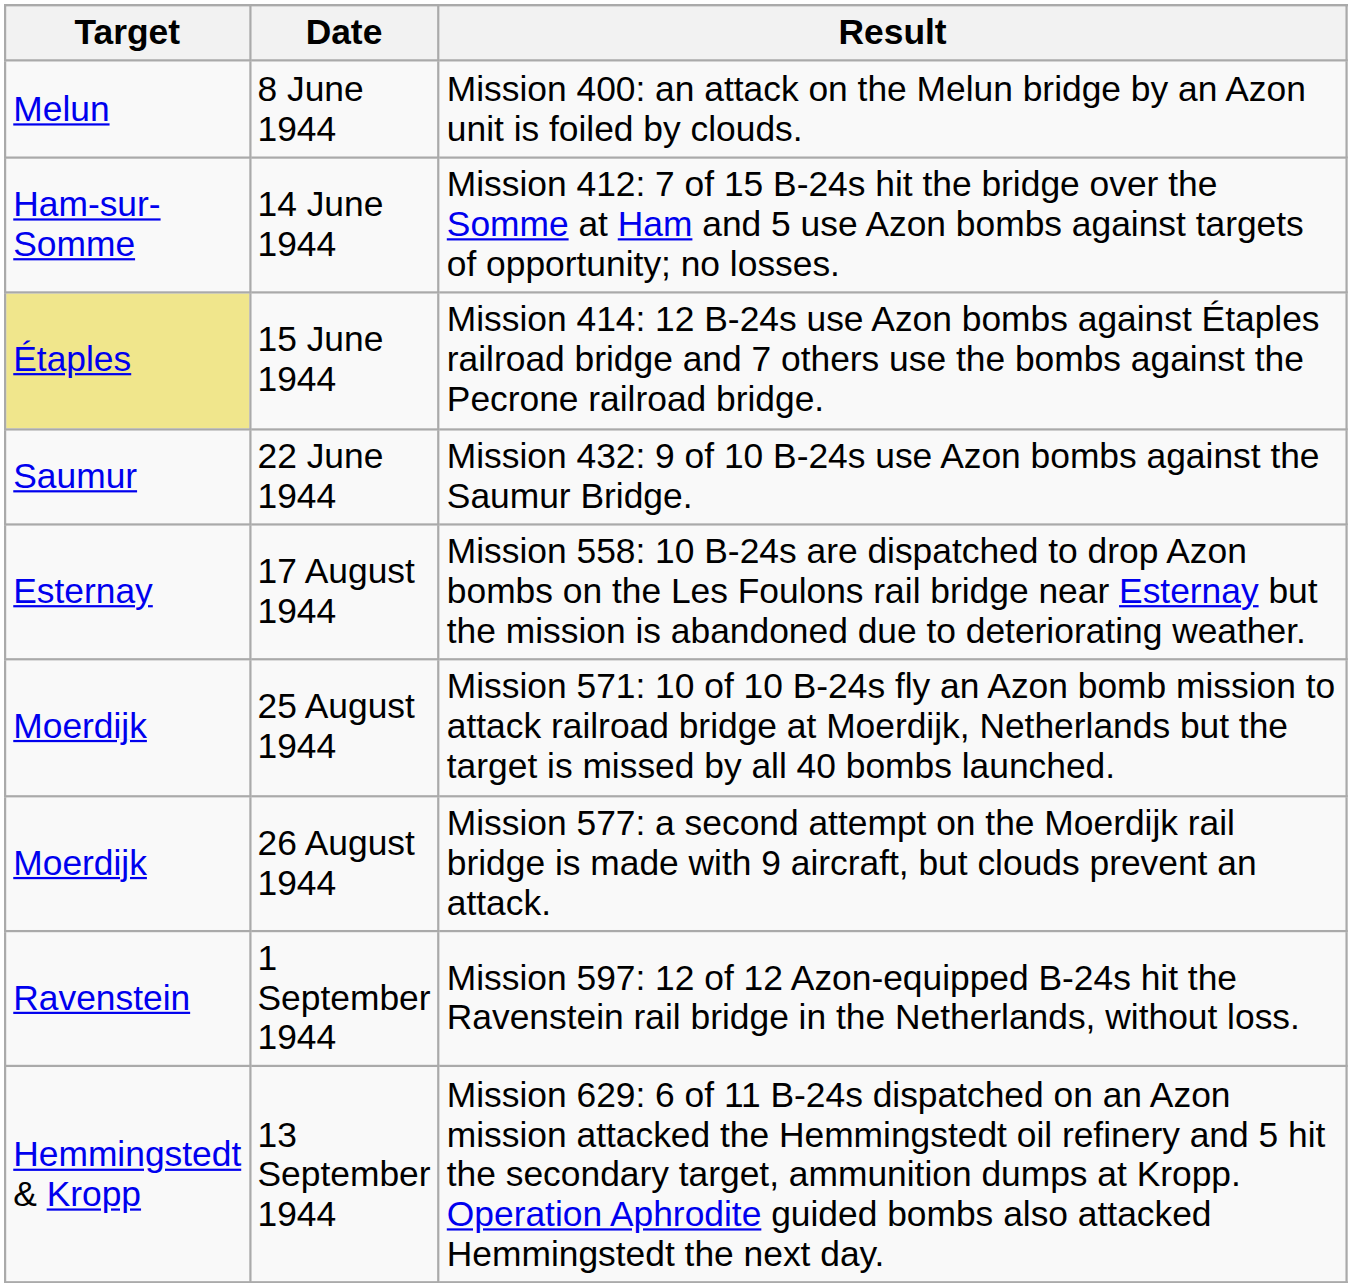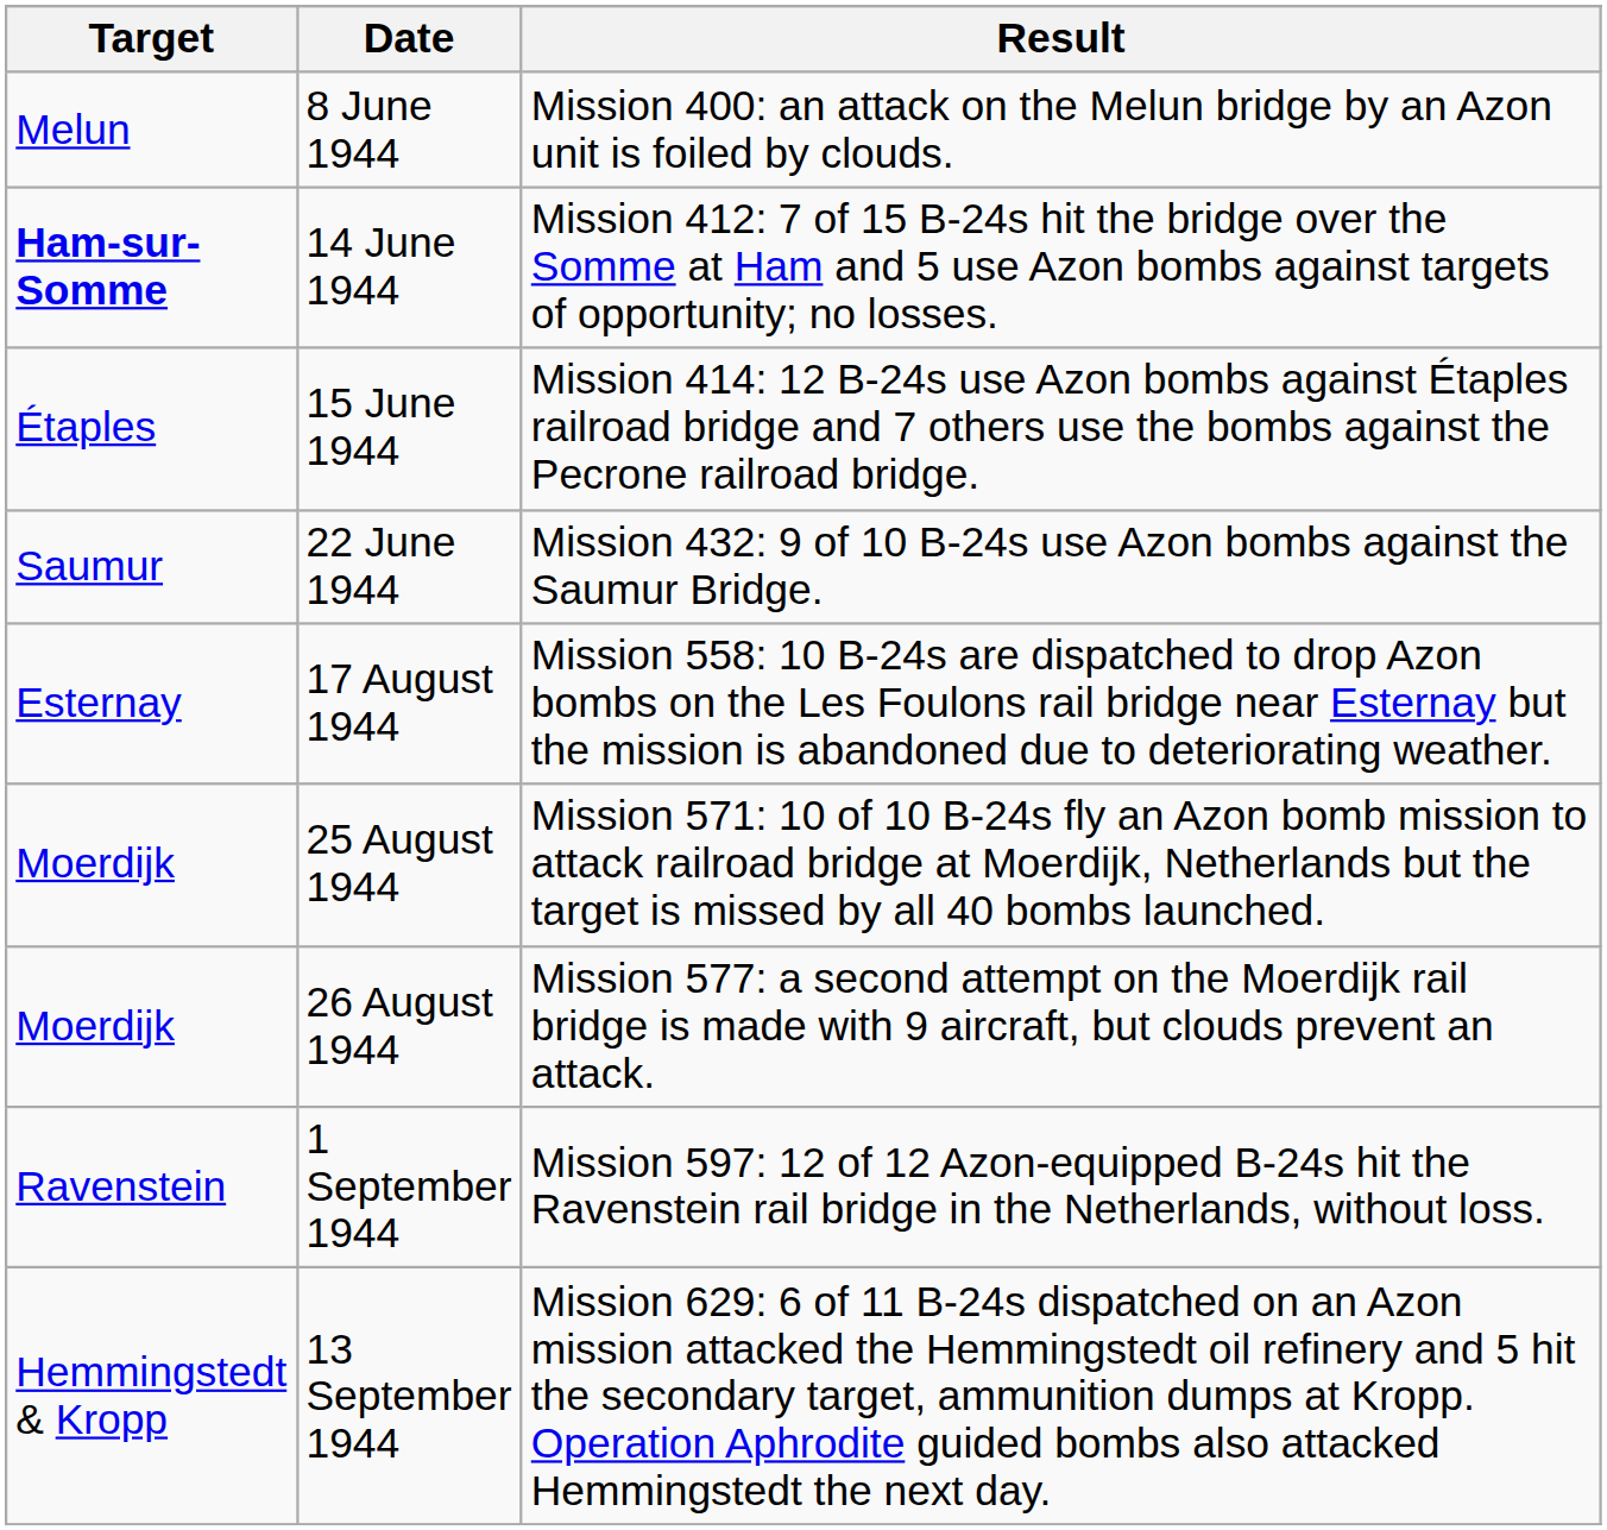 <table class="wikitable">
 <tr>
 </tr>
 <tr>
 </tr>
 <tr valign=top>
 <th width=13%>Target</th>
 <th width=13%>Date</th>
 <th>Result</th>
 </tr>
 <tr>
 <td><a href='#'>Melun</a></td>
 <td>8 June 1944</td>
 <td>Mission 400: an attack on the Melun bridge by an Azon unit is foiled by clouds.</td>
 </tr>
 <tr>
-<td><a href='#'>Ham-sur-Somme</a></td>
+<td><strong><a href='#'>Ham-sur-Somme</a></strong></td>
 <td>14 June 1944</td>
 <td>Mission 412: 7 of 15 B-24s hit the bridge over the <a href='#'>Somme</a> at <a href='#'>Ham</a> and 5 use Azon bombs against targets of opportunity; no losses.</td>
 </tr>
 <tr>
-<td style="background: khaki;"><a href='#'>Étaples</a></td>
+<td><a href='#'>Étaples</a></td>
 <td>15 June 1944</td>
 <td>Mission 414: 12 B-24s use Azon bombs against Étaples railroad bridge and 7 others use the bombs against the Pecrone railroad bridge.</td>
 </tr>
 <tr>
 <td><a href='#'>Saumur</a></td>
 <td>22 June 1944</td>
 <td>Mission 432: 9 of 10 B-24s use Azon bombs against the Saumur Bridge.</td>
 </tr>
 <tr>
 <td><a href='#'>Esternay</a></td>
 <td>17 August 1944</td>
 <td>Mission 558: 10 B-24s are dispatched to drop Azon bombs on the Les Foulons rail bridge near <a href='#'>Esternay</a> but the mission is abandoned due to deteriorating weather.</td>
 </tr>
 <tr>
 <td><a href='#'>Moerdijk</a></td>
 <td>25 August 1944</td>
 <td>Mission 571: 10 of 10 B-24s fly an Azon bomb mission to attack railroad bridge at Moerdijk, Netherlands but the target is missed by all 40 bombs launched.</td>
 </tr>
 <tr>
 <td><a href='#'>Moerdijk</a></td>
 <td>26 August 1944</td>
 <td>Mission 577: a second attempt on the Moerdijk rail bridge is made with 9 aircraft, but clouds prevent an attack.</td>
 </tr>
 <tr>
 <td><a href='#'>Ravenstein</a></td>
 <td>1 September 1944</td>
 <td>Mission 597: 12 of 12 Azon-equipped B-24s hit the Ravenstein rail bridge in the Netherlands, without loss.</td>
 </tr>
 <tr>
 <td><a href='#'>Hemmingstedt</a> & <a href='#'>Kropp</a></td>
 <td>13 September 1944</td>
 <td>Mission 629: 6 of 11 B-24s dispatched on an Azon mission attacked the Hemmingstedt oil refinery and 5 hit the secondary target, ammunition dumps at Kropp. <a href='#'>Operation Aphrodite</a> guided bombs also attacked Hemmingstedt the next day.</td>
 </tr>
 <tr>
 </tr>
 </table>
